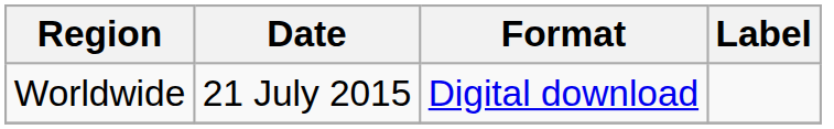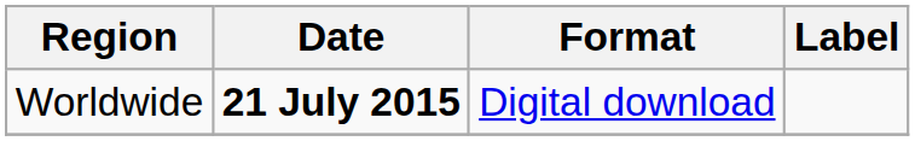 <table class=wikitable>
 <tr>
 <th>Region</th>
 <th>Date</th>
 <th>Format</th>
 <th>Label</th>
 </tr>
 <tr>
 <td>Worldwide</td>
-<td>21 July 2015</td>
+<td><strong>21 July 2015</strong></td>
 <td><a href='#'>Digital download</a></td>
 <td></td>
 </tr>
 <tr>
 </tr>
 </table>
